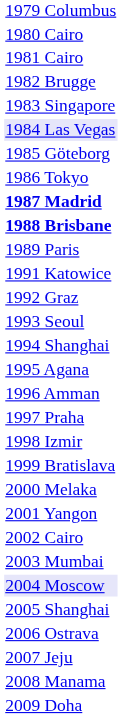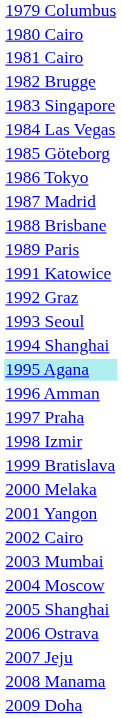 <table>
 <tr>
 <td><a href='#'>1979 Columbus</a></td>
 <td></td>
 <td></td>
 <td></td>
 </tr>
 <tr>
 <td><a href='#'>1980 Cairo</a></td>
 <td></td>
 <td></td>
 <td></td>
 </tr>
 <tr>
 <td><a href='#'>1981 Cairo</a></td>
 <td></td>
 <td></td>
 <td></td>
 </tr>
 <tr>
 <td><a href='#'>1982 Brugge</a></td>
 <td></td>
 <td></td>
 <td></td>
 </tr>
 <tr>
 <td><a href='#'>1983 Singapore</a></td>
 <td></td>
 <td></td>
 <td></td>
 </tr>
 <tr>
-<td style="background: lavender;"><a href='#'>1984 Las Vegas</a></td>
+<td><a href='#'>1984 Las Vegas</a></td>
 <td></td>
 <td></td>
 <td></td>
 </tr>
 <tr>
 <td><a href='#'>1985 Göteborg</a></td>
 <td></td>
 <td></td>
 <td></td>
 </tr>
 <tr>
 <td><a href='#'>1986 Tokyo</a></td>
 <td></td>
 <td></td>
 <td></td>
 </tr>
 <tr>
-<td><strong><a href='#'>1987 Madrid</a></strong></td>
+<td><a href='#'>1987 Madrid</a></td>
 <td></td>
 <td></td>
 <td {{flagathlete></td>
 </tr>
 <tr>
-<td><strong><a href='#'>1988 Brisbane</a></strong></td>
+<td><a href='#'>1988 Brisbane</a></td>
 <td></td>
 <td></td>
 <td></td>
 </tr>
 <tr>
 <td><a href='#'>1989 Paris</a></td>
 <td></td>
 <td></td>
 </tr>
 <tr>
 <td><a href='#'>1991 Katowice</a></td>
 <td></td>
 <td></td>
 <td></td>
 </tr>
 <tr>
 <td><a href='#'>1992 Graz</a></td>
 <td></td>
 <td></td>
 <td></td>
 </tr>
 <tr>
 <td><a href='#'>1993 Seoul</a></td>
 <td></td>
 <td></td>
 <td></td>
 </tr>
 <tr>
 <td><a href='#'>1994 Shanghai</a></td>
 <td></td>
 <td></td>
 <td></td>
 </tr>
 <tr>
-<td><a href='#'>1995 Agana</a></td>
+<td style="background: paleturquoise;"><a href='#'>1995 Agana</a></td>
 <td></td>
 <td></td>
 <td></td>
 </tr>
 <tr>
 <td><a href='#'>1996 Amman</a></td>
 <td></td>
 <td></td>
 <td></td>
 </tr>
 <tr>
 <td><a href='#'>1997 Praha</a></td>
 <td></td>
 <td></td>
 <td></td>
 </tr>
 <tr>
 <td><a href='#'>1998 Izmir</a></td>
 <td></td>
 <td></td>
 <td></td>
 </tr>
 <tr>
 <td><a href='#'>1999 Bratislava</a></td>
 <td></td>
 <td></td>
 <td></td>
 </tr>
 <tr>
 <td><a href='#'>2000 Melaka</a></td>
 <td></td>
 <td></td>
 <td></td>
 </tr>
 <tr>
 <td><a href='#'>2001 Yangon</a></td>
 <td></td>
 <td></td>
 <td></td>
 </tr>
 <tr>
 <td><a href='#'>2002 Cairo</a></td>
 <td></td>
 <td></td>
 <td></td>
 </tr>
 <tr>
 <td><a href='#'>2003 Mumbai</a></td>
 <td></td>
 <td></td>
 <td></td>
 </tr>
 <tr>
-<td style="background: lavender;"><a href='#'>2004 Moscow</a></td>
+<td><a href='#'>2004 Moscow</a></td>
 <td></td>
 <td></td>
 <td></td>
 </tr>
 <tr>
 <td><a href='#'>2005 Shanghai</a></td>
 <td></td>
 <td></td>
 <td></td>
 </tr>
 <tr>
 <td><a href='#'>2006 Ostrava</a></td>
 <td></td>
 <td></td>
 <td></td>
 </tr>
 <tr>
 <td><a href='#'>2007 Jeju</a></td>
 <td></td>
 <td></td>
 <td></td>
 </tr>
 <tr>
 <td><a href='#'>2008 Manama</a></td>
 <td></td>
 <td></td>
 <td></td>
 </tr>
 <tr>
 <td><a href='#'>2009 Doha</a></td>
 <td></td>
 <td></td>
 <td></td>
 </tr>
 </table>
